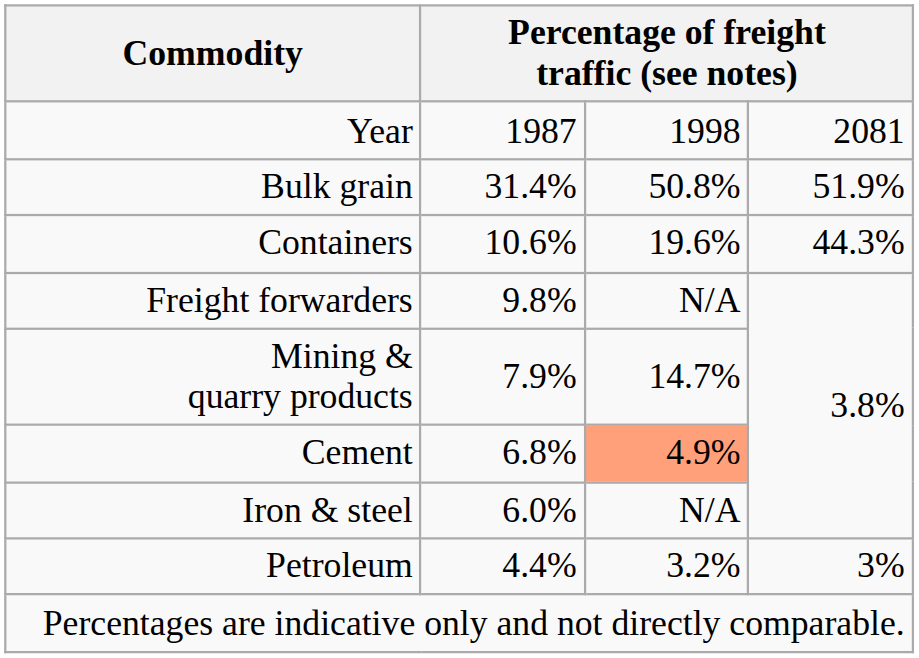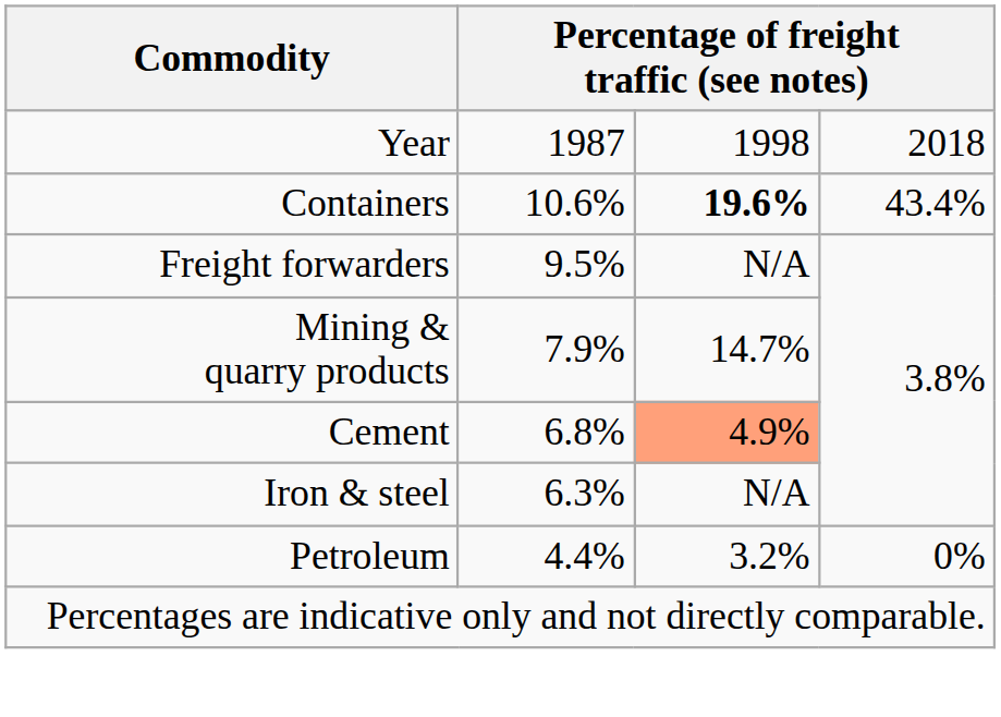 <table class="wikitable" style="float:right; clear: right; margin:10px; text-size:80%; text-align:right">
 <tr>
 <th>Commodity</th>
 <th colspan="3">Percentage of freight<br> traffic (see notes)</th>
 </tr>
 <tr>
 <td>Year</td>
 <td>1987</td>
 <td>1998</td>
-<td>2081</td>
-</tr>
-<tr>
-<td>Bulk grain</td>
-<td>31.4%</td>
-<td>50.8%</td>
-<td>51.9%</td>
+<td>2018</td>
 </tr>
 <tr>
 <td>Containers</td>
 <td>10.6%</td>
-<td>19.6%</td>
-<td>44.3%</td>
+<td><strong>19.6%</strong></td>
+<td>43.4%</td>
 </tr>
 <tr>
 <td>Freight forwarders</td>
-<td>9.8%</td>
+<td>9.5%</td>
 <td>N/A</td>
 <td rowspan="4">3.8%</td>
 </tr>
 <tr>
 <td>Mining &<br> quarry products</td>
 <td>7.9%</td>
 <td>14.7%</td>
 </tr>
 <tr>
 <td>Cement</td>
 <td>6.8%</td>
 <td style="background: lightsalmon;">4.9%</td>
 </tr>
 <tr>
 <td>Iron & steel</td>
-<td>6.0%</td>
+<td>6.3%</td>
 <td>N/A</td>
 </tr>
 <tr>
 <td>Petroleum</td>
 <td>4.4%</td>
 <td>3.2%</td>
-<td>3%</td>
+<td>0%</td>
 </tr>
 <tr>
 <td colspan="4" style="width: 400px;">Percentages are indicative only and not directly comparable.<br></td>
 </tr>
 </table>
